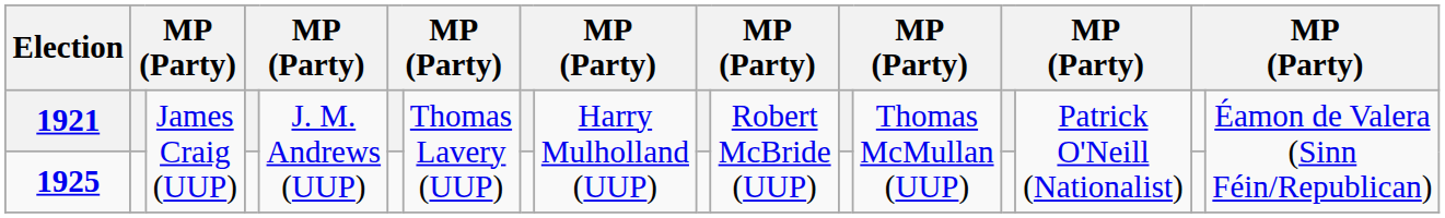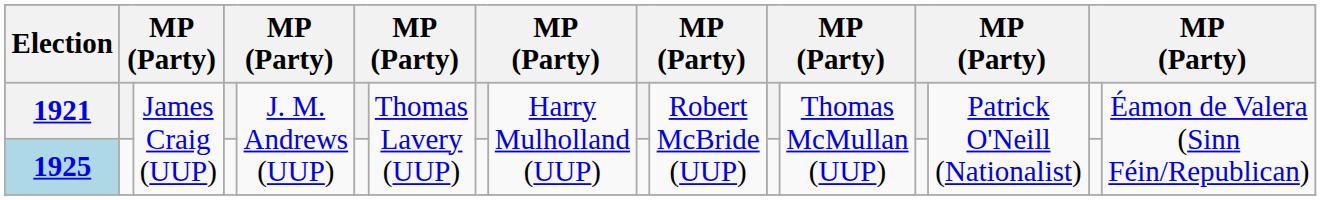 <table class="wikitable" style="text-align:center">
 <tr>
 <th>Election</th>
 <th scope="col" width="150" colspan = "2">MP<br> (Party)</th>
 <th scope="col" width="150" colspan = "2">MP<br> (Party)</th>
 <th scope="col" width="150" colspan = "2">MP<br> (Party)</th>
 <th scope="col" width="150" colspan = "2">MP<br> (Party)</th>
 <th scope="col" width="150" colspan = "2">MP<br> (Party)</th>
 <th scope="col" width="150" colspan = "2">MP<br> (Party)</th>
 <th scope="col" width="150" colspan = "2">MP<br> (Party)</th>
 <th scope="col" width="150" colspan = "2">MP<br> (Party)</th>
 </tr>
 <tr>
 <th><a href='#'>1921</a></th>
 <th style="background-color: "></th>
 <td rowspan="2"><a href='#'>James Craig</a><br> (<a href='#'>UUP</a>)</td>
 <th style="background-color: "></th>
 <td rowspan="2"><a href='#'>J. M. Andrews</a><br> (<a href='#'>UUP</a>)</td>
 <th style="background-color: "></th>
 <td rowspan="2"><a href='#'>Thomas Lavery</a><br> (<a href='#'>UUP</a>)</td>
 <th style="background-color: "></th>
 <td rowspan="2"><a href='#'>Harry Mulholland</a><br> (<a href='#'>UUP</a>)</td>
 <th style="background-color: "></th>
 <td rowspan="2"><a href='#'>Robert McBride</a><br> (<a href='#'>UUP</a>)</td>
 <th style="background-color: "></th>
 <td rowspan="2"><a href='#'>Thomas McMullan</a><br> (<a href='#'>UUP</a>)</td>
 <th style="background-color: "></th>
 <td rowspan="2"><a href='#'>Patrick O'Neill</a><br> (<a href='#'>Nationalist</a>)</td>
 <td style="background-color: "></td>
 <td rowspan="2"><a href='#'>Éamon de Valera</a><br> (<a href='#'>Sinn Féin/Republican</a>)</td>
 </tr>
 <tr>
-<td><strong><a href='#'>1925</a></strong></td>
+<td style="background: lightblue;"><strong><a href='#'>1925</a></strong></td>
 </tr>
 </table>
